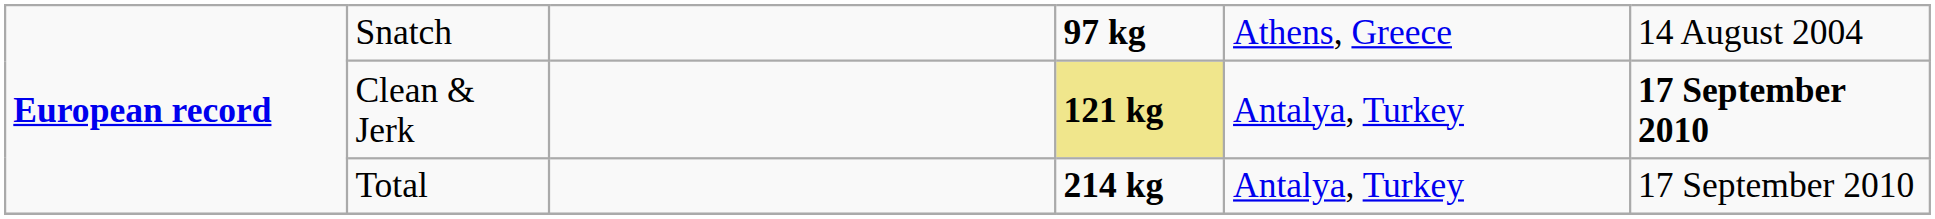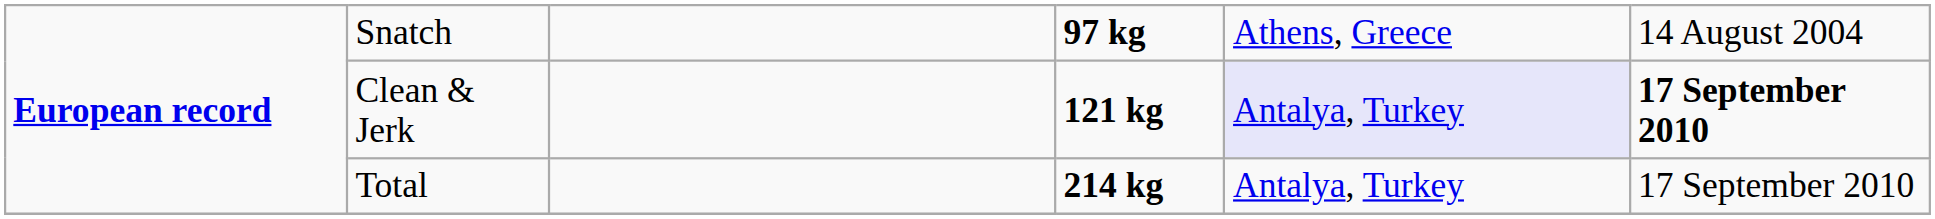 <table class="wikitable">
 <tr>
 <td width=150 rowspan=3><strong><a href='#'>European record</a></strong></td>
 <td width=85>Snatch</td>
 <td width=230></td>
 <td width=70><strong>97 kg</strong></td>
 <td width=180><a href='#'>Athens</a>, <a href='#'>Greece</a></td>
 <td width=130>14 August 2004</td>
 </tr>
 <tr>
 <td>Clean & Jerk</td>
 <td></td>
-<td style="background: khaki;"><strong>121 kg</strong></td>
-<td><a href='#'>Antalya</a>, <a href='#'>Turkey</a></td>
+<td><strong>121 kg</strong></td>
+<td style="background: lavender;"><a href='#'>Antalya</a>, <a href='#'>Turkey</a></td>
 <td><strong>17 September 2010</strong></td>
 </tr>
 <tr>
 <td>Total</td>
 <td></td>
 <td><strong>214 kg</strong></td>
 <td><a href='#'>Antalya</a>, <a href='#'>Turkey</a></td>
 <td>17 September 2010</td>
 </tr>
 <tr>
 </tr>
 </table>
